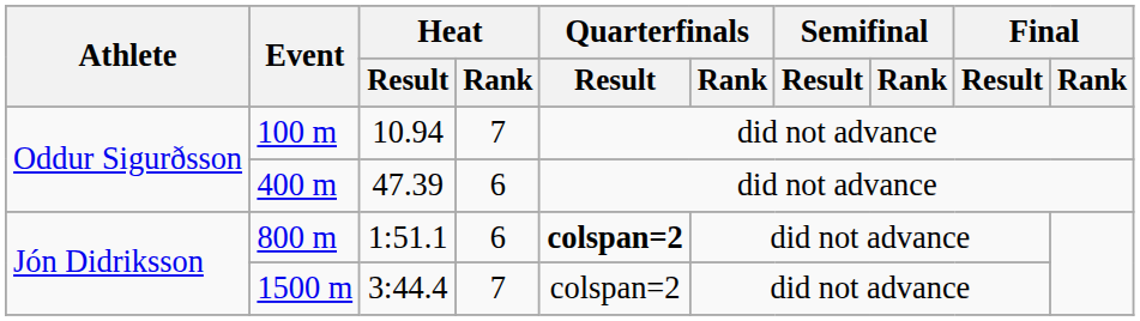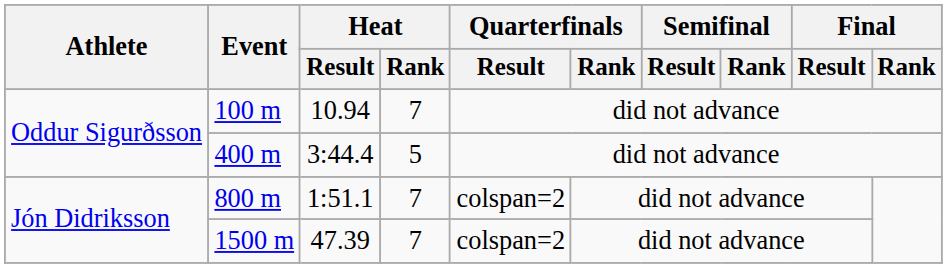 <table class="wikitable" style="font-size:90%">
 <tr>
 <th rowspan="2">Athlete</th>
 <th rowspan="2">Event</th>
 <th colspan="2">Heat</th>
 <th colspan="2">Quarterfinals</th>
 <th colspan="2">Semifinal</th>
 <th colspan="2">Final</th>
 </tr>
 <tr style="font-size:95%">
 <th>Result</th>
 <th>Rank</th>
 <th>Result</th>
 <th>Rank</th>
 <th>Result</th>
 <th>Rank</th>
 <th>Result</th>
 <th>Rank</th>
 </tr>
 <tr align=center>
 <td align=left rowspan=2><a href='#'>Oddur Sigurðsson</a></td>
 <td align=left><a href='#'>100 m</a></td>
 <td>10.94</td>
 <td>7</td>
 <td colspan=6>did not advance</td>
 </tr>
 <tr align=center>
 <td align=left><a href='#'>400 m</a></td>
-<td>47.39</td>
-<td>6</td>
+<td>3:44.4</td>
+<td>5</td>
 <td colspan=6>did not advance</td>
 </tr>
 <tr align=center>
 <td align=left rowspan=2><a href='#'>Jón Didriksson</a></td>
 <td align=left><a href='#'>800 m</a></td>
 <td>1:51.1</td>
-<td>6</td>
-<td><strong>colspan=2 </strong></td>
+<td>7</td>
+<td>colspan=2 </td>
 <td colspan=4>did not advance</td>
 </tr>
 <tr align=center>
 <td align=left><a href='#'>1500 m</a></td>
-<td>3:44.4</td>
+<td>47.39</td>
 <td>7</td>
 <td>colspan=2 </td>
 <td colspan=4>did not advance</td>
 </tr>
 </table>
